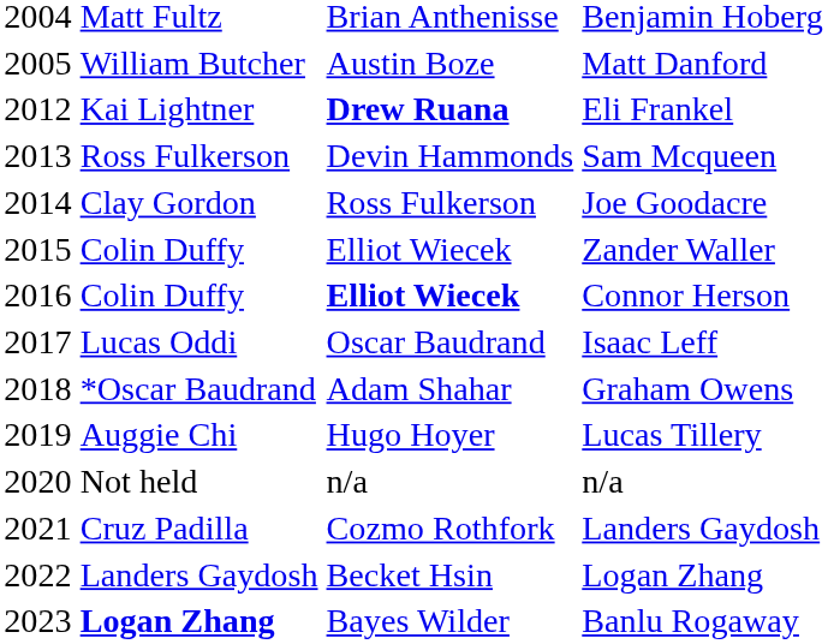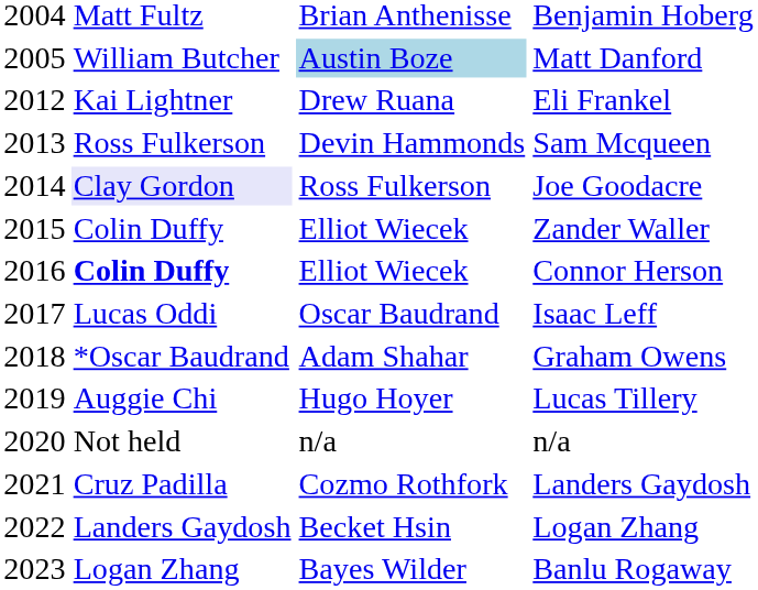 <table>
 <tr>
 <td style="text-align:center;">2004</td>
 <td><a href='#'>Matt Fultz</a></td>
 <td><a href='#'>Brian Anthenisse</a></td>
 <td><a href='#'>Benjamin Hoberg</a></td>
 </tr>
 <tr>
 <td style="text-align:center;">2005</td>
 <td><a href='#'>William Butcher</a></td>
-<td><a href='#'>Austin Boze</a></td>
+<td style="background: lightblue;"><a href='#'>Austin Boze</a></td>
 <td><a href='#'>Matt Danford</a></td>
 </tr>
 <tr>
 <td style="text-align:center;">2012</td>
 <td><a href='#'>Kai Lightner</a></td>
-<td><strong><a href='#'>Drew Ruana</a></strong></td>
+<td><a href='#'>Drew Ruana</a></td>
 <td><a href='#'>Eli Frankel</a></td>
 </tr>
 <tr>
 <td style="text-align:center;">2013</td>
 <td><a href='#'>Ross Fulkerson</a></td>
 <td><a href='#'>Devin Hammonds</a></td>
 <td><a href='#'>Sam Mcqueen</a></td>
 </tr>
 <tr>
 <td style="text-align:center;">2014</td>
-<td><a href='#'>Clay Gordon</a></td>
+<td style="background: lavender;"><a href='#'>Clay Gordon</a></td>
 <td><a href='#'>Ross Fulkerson</a></td>
 <td><a href='#'>Joe Goodacre</a></td>
 </tr>
 <tr>
 <td style="text-align:center;">2015</td>
 <td><a href='#'>Colin Duffy</a></td>
 <td><a href='#'>Elliot Wiecek</a></td>
 <td><a href='#'>Zander Waller</a></td>
 </tr>
 <tr>
 <td style="text-align:center;">2016</td>
-<td><a href='#'>Colin Duffy</a></td>
-<td><strong><a href='#'>Elliot Wiecek</a></strong></td>
+<td><strong><a href='#'>Colin Duffy</a></strong></td>
+<td><a href='#'>Elliot Wiecek</a></td>
 <td><a href='#'>Connor Herson</a></td>
 </tr>
 <tr>
 <td style="text-align:center;">2017</td>
 <td><a href='#'>Lucas Oddi</a></td>
 <td><a href='#'>Oscar Baudrand</a></td>
 <td><a href='#'>Isaac Leff</a></td>
 </tr>
 <tr>
 <td style="text-align:center;">2018</td>
 <td><a href='#'>*Oscar Baudrand</a></td>
 <td><a href='#'>Adam Shahar</a></td>
 <td><a href='#'>Graham Owens</a></td>
 </tr>
 <tr>
 <td style="text-align:center;">2019</td>
 <td><a href='#'>Auggie Chi</a></td>
 <td><a href='#'>Hugo Hoyer</a></td>
 <td><a href='#'>Lucas Tillery</a></td>
 </tr>
 <tr>
 <td style="text-align:center;">2020</td>
 <td>Not held</td>
 <td>n/a</td>
 <td>n/a</td>
 </tr>
 <tr>
 <td style="text-align:center;">2021</td>
 <td><a href='#'>Cruz Padilla</a></td>
 <td><a href='#'>Cozmo Rothfork</a></td>
 <td><a href='#'>Landers Gaydosh</a></td>
 </tr>
 <tr>
 <td style="text-align:center;">2022</td>
 <td><a href='#'>Landers Gaydosh</a></td>
 <td><a href='#'>Becket Hsin</a></td>
 <td><a href='#'>Logan Zhang</a></td>
 </tr>
 <tr>
 <td style="text-align:center;">2023</td>
-<td><strong><a href='#'>Logan Zhang</a></strong></td>
+<td><a href='#'>Logan Zhang</a></td>
 <td><a href='#'>Bayes Wilder</a></td>
 <td><a href='#'>Banlu Rogaway</a></td>
 </tr>
 </table>
